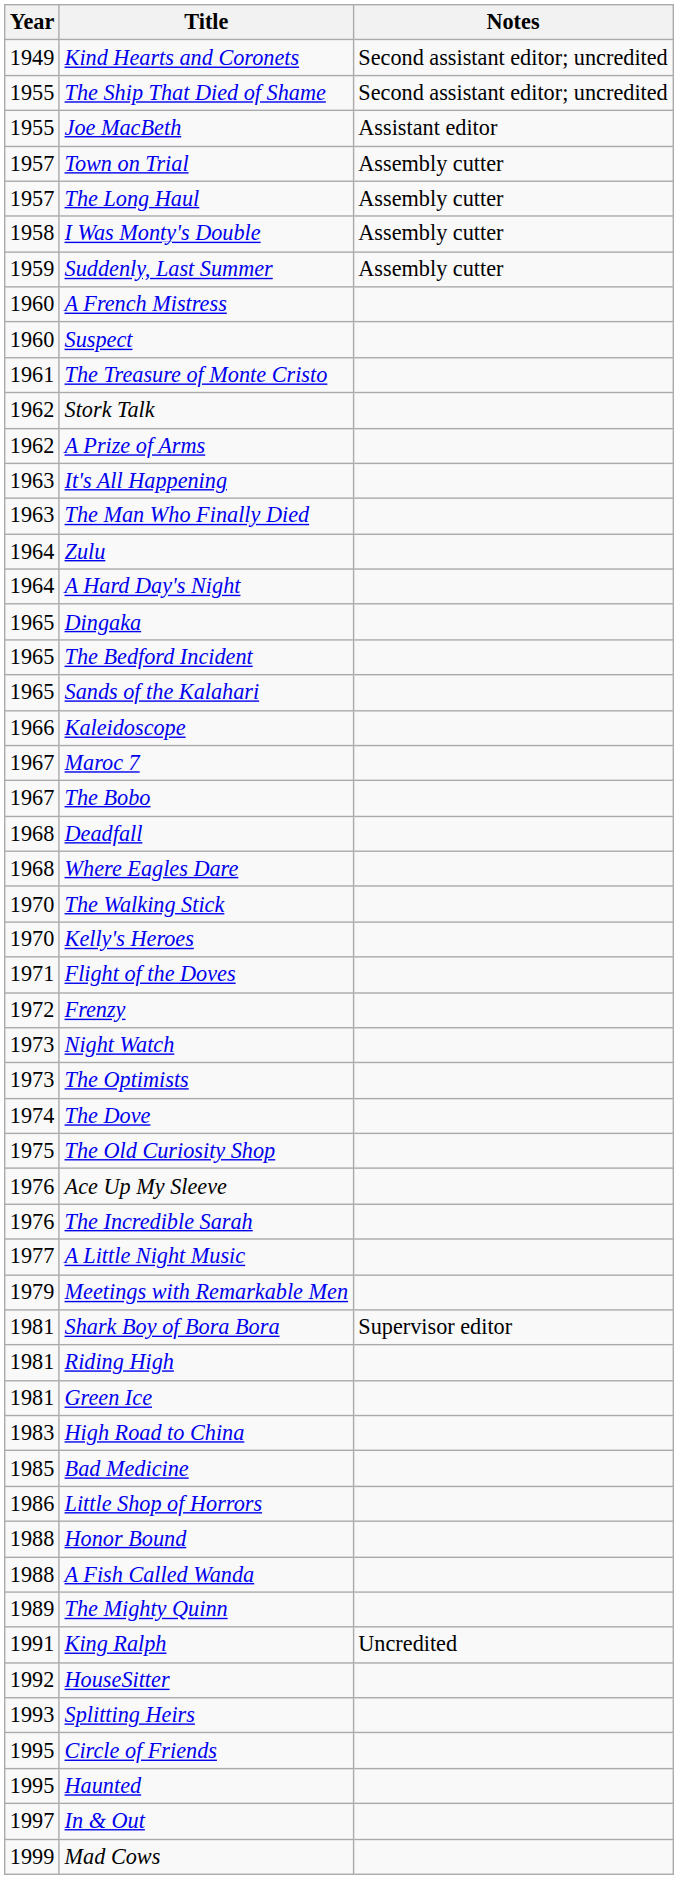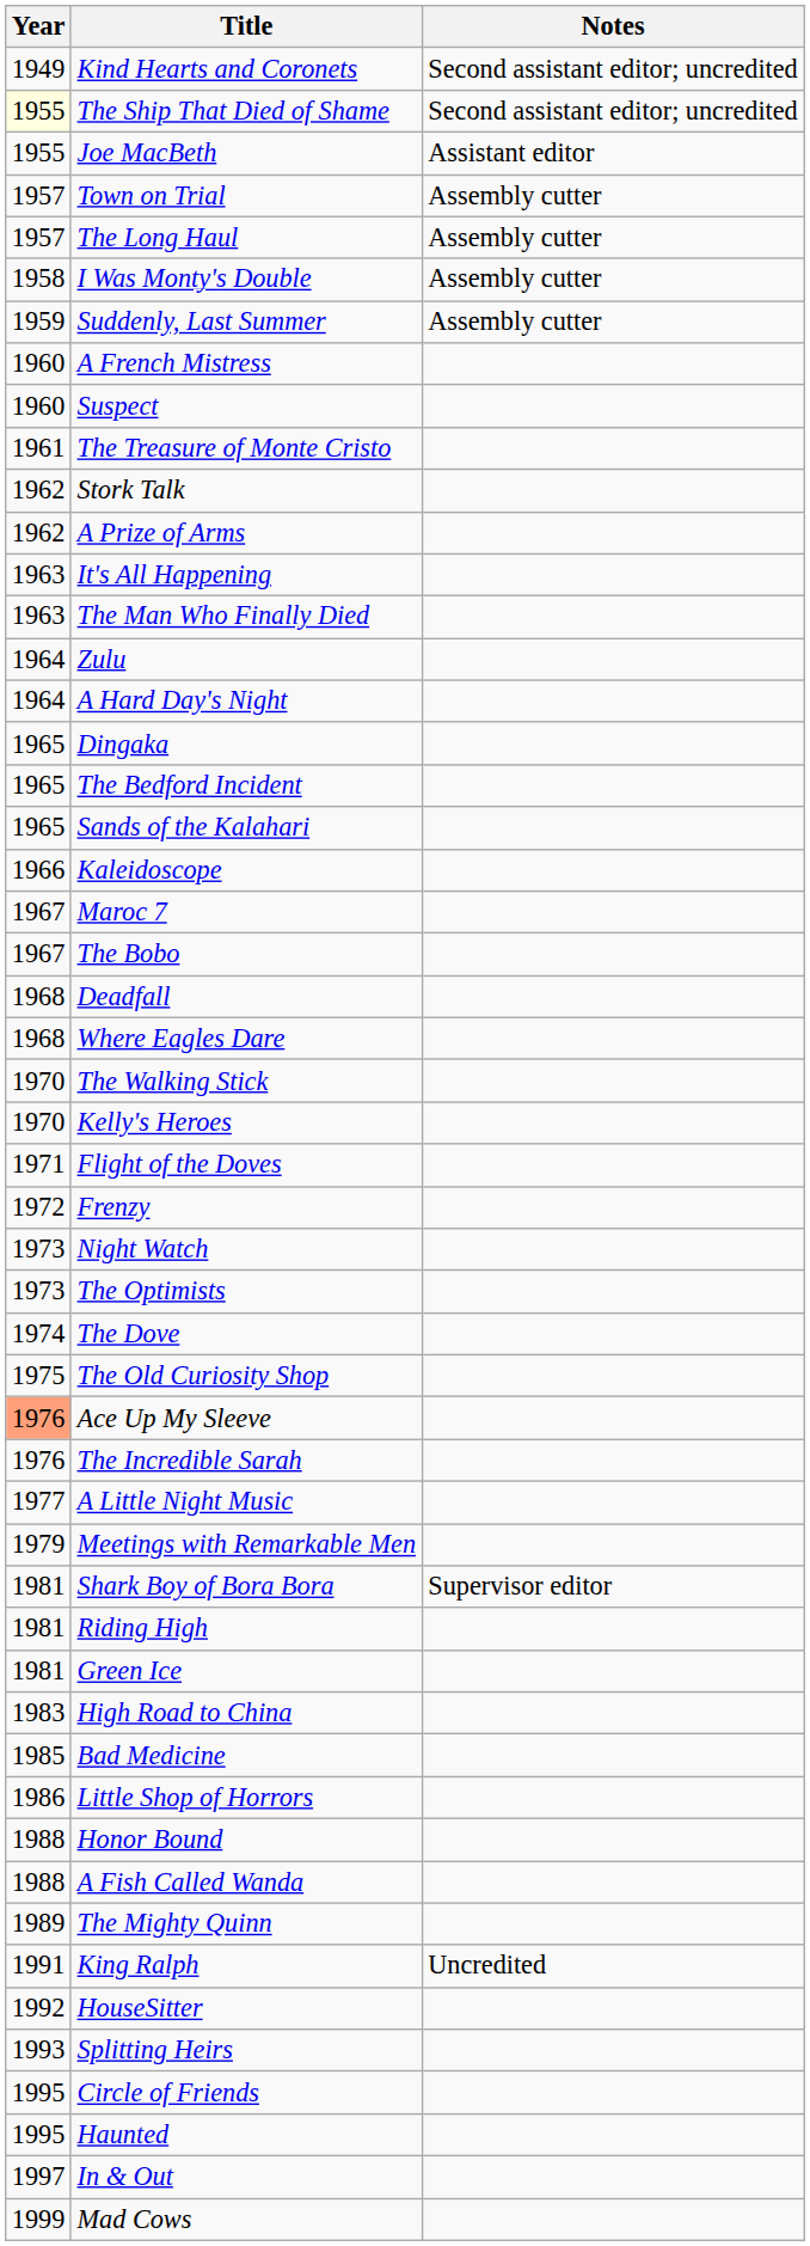 <table class="wikitable sortable">
 <tr>
 <th>Year</th>
 <th>Title</th>
 <th class="unsortable">Notes</th>
 </tr>
 <tr>
 <td>1949</td>
 <td><em><a href='#'>Kind Hearts and Coronets</a></em></td>
 <td>Second assistant editor; uncredited</td>
 </tr>
 <tr>
-<td>1955</td>
+<td style="background: lightyellow;">1955</td>
 <td><em><a href='#'>The Ship That Died of Shame</a></em></td>
 <td>Second assistant editor; uncredited</td>
 </tr>
 <tr>
 <td>1955</td>
 <td><em><a href='#'>Joe MacBeth</a></em></td>
 <td>Assistant editor</td>
 </tr>
 <tr>
 <td>1957</td>
 <td><em><a href='#'>Town on Trial</a></em></td>
 <td>Assembly cutter</td>
 </tr>
 <tr>
 <td>1957</td>
 <td><em><a href='#'>The Long Haul</a></em></td>
 <td>Assembly cutter</td>
 </tr>
 <tr>
 <td>1958</td>
 <td><em><a href='#'>I Was Monty's Double</a></em></td>
 <td>Assembly cutter</td>
 </tr>
 <tr>
 <td>1959</td>
 <td><em><a href='#'>Suddenly, Last Summer</a></em></td>
 <td>Assembly cutter</td>
 </tr>
 <tr>
 <td>1960</td>
 <td><em><a href='#'>A French Mistress</a></em></td>
 <td></td>
 </tr>
 <tr>
 <td>1960</td>
 <td><em><a href='#'>Suspect</a></em></td>
 <td></td>
 </tr>
 <tr>
 <td>1961</td>
 <td><em><a href='#'>The Treasure of Monte Cristo</a></em></td>
 <td></td>
 </tr>
 <tr>
 <td>1962</td>
 <td><em>Stork Talk</em></td>
 <td></td>
 </tr>
 <tr>
 <td>1962</td>
 <td><em><a href='#'>A Prize of Arms</a></em></td>
 <td></td>
 </tr>
 <tr>
 <td>1963</td>
 <td><em><a href='#'>It's All Happening</a></em></td>
 <td></td>
 </tr>
 <tr>
 <td>1963</td>
 <td><em><a href='#'>The Man Who Finally Died</a></em></td>
 <td></td>
 </tr>
 <tr>
 <td>1964</td>
 <td><em><a href='#'>Zulu</a></em></td>
 <td></td>
 </tr>
 <tr>
 <td>1964</td>
 <td><em><a href='#'>A Hard Day's Night</a></em></td>
 <td></td>
 </tr>
 <tr>
 <td>1965</td>
 <td><em><a href='#'>Dingaka</a></em></td>
 <td></td>
 </tr>
 <tr>
 <td>1965</td>
 <td><em><a href='#'>The Bedford Incident</a></em></td>
 <td></td>
 </tr>
 <tr>
 <td>1965</td>
 <td><em><a href='#'>Sands of the Kalahari</a></em></td>
 <td></td>
 </tr>
 <tr>
 <td>1966</td>
 <td><em><a href='#'>Kaleidoscope</a></em></td>
 <td></td>
 </tr>
 <tr>
 <td>1967</td>
 <td><em><a href='#'>Maroc 7</a></em></td>
 <td></td>
 </tr>
 <tr>
 <td>1967</td>
 <td><em><a href='#'>The Bobo</a></em></td>
 <td></td>
 </tr>
 <tr>
 <td>1968</td>
 <td><em><a href='#'>Deadfall</a></em></td>
 <td></td>
 </tr>
 <tr>
 <td>1968</td>
 <td><em><a href='#'>Where Eagles Dare</a></em></td>
 <td></td>
 </tr>
 <tr>
 <td>1970</td>
 <td><em><a href='#'>The Walking Stick</a></em></td>
 <td></td>
 </tr>
 <tr>
 <td>1970</td>
 <td><em><a href='#'>Kelly's Heroes</a></em></td>
 <td></td>
 </tr>
 <tr>
 <td>1971</td>
 <td><em><a href='#'>Flight of the Doves</a></em></td>
 <td></td>
 </tr>
 <tr>
 <td>1972</td>
 <td><em><a href='#'>Frenzy</a></em></td>
 <td></td>
 </tr>
 <tr>
 <td>1973</td>
 <td><em><a href='#'>Night Watch</a></em></td>
 <td></td>
 </tr>
 <tr>
 <td>1973</td>
 <td><em><a href='#'>The Optimists</a></em></td>
 <td></td>
 </tr>
 <tr>
 <td>1974</td>
 <td><em><a href='#'>The Dove</a></em></td>
 <td></td>
 </tr>
 <tr>
 <td>1975</td>
 <td><em><a href='#'>The Old Curiosity Shop</a></em></td>
 <td></td>
 </tr>
 <tr>
-<td>1976</td>
+<td style="background: lightsalmon;">1976</td>
 <td><em>Ace Up My Sleeve</em></td>
 <td></td>
 </tr>
 <tr>
 <td>1976</td>
 <td><em><a href='#'>The Incredible Sarah</a></em></td>
 <td></td>
 </tr>
 <tr>
 <td>1977</td>
 <td><em><a href='#'>A Little Night Music</a></em></td>
 <td></td>
 </tr>
 <tr>
 <td>1979</td>
 <td><em><a href='#'>Meetings with Remarkable Men</a></em></td>
 <td></td>
 </tr>
 <tr>
 <td>1981</td>
 <td><em><a href='#'>Shark Boy of Bora Bora</a></em></td>
 <td>Supervisor editor</td>
 </tr>
 <tr>
 <td>1981</td>
 <td><em><a href='#'>Riding High</a></em></td>
 <td></td>
 </tr>
 <tr>
 <td>1981</td>
 <td><em><a href='#'>Green Ice</a></em></td>
 <td></td>
 </tr>
 <tr>
 <td>1983</td>
 <td><em><a href='#'>High Road to China</a></em></td>
 <td></td>
 </tr>
 <tr>
 <td>1985</td>
 <td><em><a href='#'>Bad Medicine</a></em></td>
 <td></td>
 </tr>
 <tr>
 <td>1986</td>
 <td><em><a href='#'>Little Shop of Horrors</a></em></td>
 <td></td>
 </tr>
 <tr>
 <td>1988</td>
 <td><em><a href='#'>Honor Bound</a></em></td>
 <td></td>
 </tr>
 <tr>
 <td>1988</td>
 <td><em><a href='#'>A Fish Called Wanda</a></em></td>
 <td></td>
 </tr>
 <tr>
 <td>1989</td>
 <td><em><a href='#'>The Mighty Quinn</a></em></td>
 <td></td>
 </tr>
 <tr>
 <td>1991</td>
 <td><em><a href='#'>King Ralph</a></em></td>
 <td>Uncredited</td>
 </tr>
 <tr>
 <td>1992</td>
 <td><em><a href='#'>HouseSitter</a></em></td>
 <td></td>
 </tr>
 <tr>
 <td>1993</td>
 <td><em><a href='#'>Splitting Heirs</a></em></td>
 <td></td>
 </tr>
 <tr>
 <td>1995</td>
 <td><em><a href='#'>Circle of Friends</a></em></td>
 <td></td>
 </tr>
 <tr>
 <td>1995</td>
 <td><em><a href='#'>Haunted</a></em></td>
 <td></td>
 </tr>
 <tr>
 <td>1997</td>
 <td><em><a href='#'>In & Out</a></em></td>
 <td></td>
 </tr>
 <tr>
 <td>1999</td>
 <td><em>Mad Cows</em></td>
 <td></td>
 </tr>
 </table>
